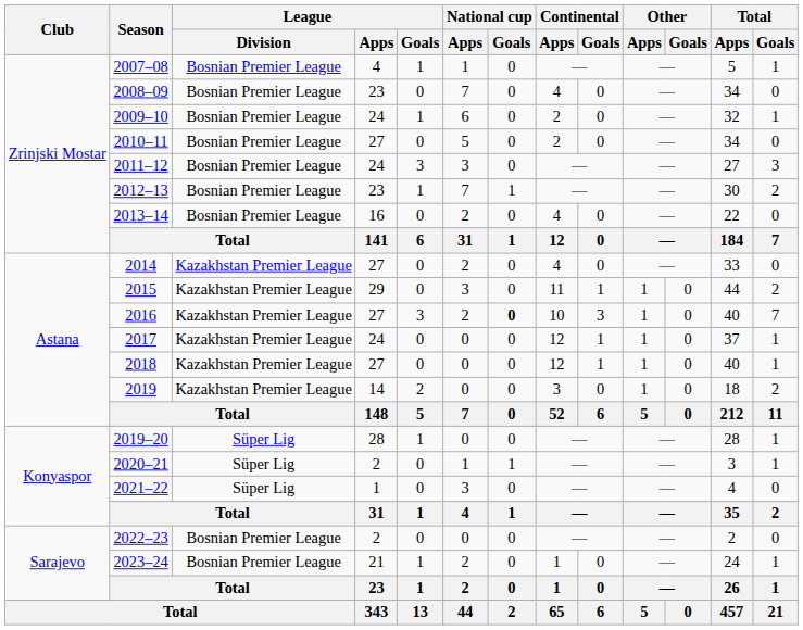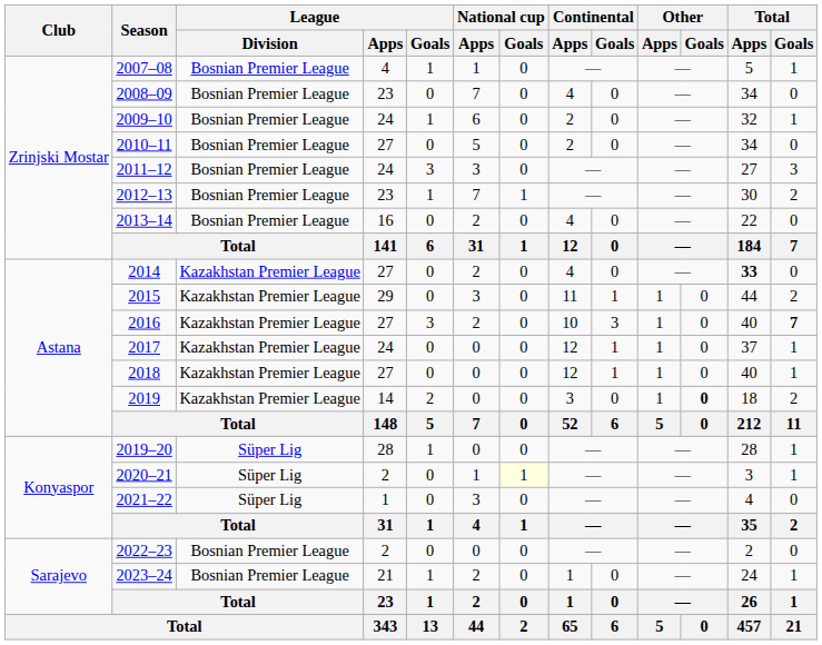 <table class="wikitable" style="text-align:center">
 <tr>
 <th rowspan=2>Club</th>
 <th rowspan=2>Season</th>
 <th colspan=3>League</th>
 <th colspan=2>National cup</th>
 <th colspan=2>Continental</th>
 <th colspan=2>Other</th>
 <th colspan=2>Total</th>
 </tr>
 <tr>
 <th>Division</th>
 <th>Apps</th>
 <th>Goals</th>
 <th>Apps</th>
 <th>Goals</th>
 <th>Apps</th>
 <th>Goals</th>
 <th>Apps</th>
 <th>Goals</th>
 <th>Apps</th>
 <th>Goals</th>
 </tr>
 <tr>
 <td rowspan=8><a href='#'>Zrinjski Mostar</a></td>
 <td><a href='#'>2007–08</a></td>
 <td><a href='#'>Bosnian Premier League</a></td>
 <td>4</td>
 <td>1</td>
 <td>1</td>
 <td>0</td>
 <td colspan=2>—</td>
 <td colspan=2>—</td>
 <td>5</td>
 <td>1</td>
 </tr>
 <tr>
 <td><a href='#'>2008–09</a></td>
 <td>Bosnian Premier League</td>
 <td>23</td>
 <td>0</td>
 <td>7</td>
 <td>0</td>
 <td>4</td>
 <td>0</td>
 <td colspan=2>—</td>
 <td>34</td>
 <td>0</td>
 </tr>
 <tr>
 <td><a href='#'>2009–10</a></td>
 <td>Bosnian Premier League</td>
 <td>24</td>
 <td>1</td>
 <td>6</td>
 <td>0</td>
 <td>2</td>
 <td>0</td>
 <td colspan=2>—</td>
 <td>32</td>
 <td>1</td>
 </tr>
 <tr>
 <td><a href='#'>2010–11</a></td>
 <td>Bosnian Premier League</td>
 <td>27</td>
 <td>0</td>
 <td>5</td>
 <td>0</td>
 <td>2</td>
 <td>0</td>
 <td colspan=2>—</td>
 <td>34</td>
 <td>0</td>
 </tr>
 <tr>
 <td><a href='#'>2011–12</a></td>
 <td>Bosnian Premier League</td>
 <td>24</td>
 <td>3</td>
 <td>3</td>
 <td>0</td>
 <td colspan=2>—</td>
 <td colspan=2>—</td>
 <td>27</td>
 <td>3</td>
 </tr>
 <tr>
 <td><a href='#'>2012–13</a></td>
 <td>Bosnian Premier League</td>
 <td>23</td>
 <td>1</td>
 <td>7</td>
 <td>1</td>
 <td colspan=2>—</td>
 <td colspan=2>—</td>
 <td>30</td>
 <td>2</td>
 </tr>
 <tr>
 <td><a href='#'>2013–14</a></td>
 <td>Bosnian Premier League</td>
 <td>16</td>
 <td>0</td>
 <td>2</td>
 <td>0</td>
 <td>4</td>
 <td>0</td>
 <td colspan=2>—</td>
 <td>22</td>
 <td>0</td>
 </tr>
 <tr>
 <th colspan=2>Total</th>
 <th>141</th>
 <th>6</th>
 <th>31</th>
 <th>1</th>
 <th>12</th>
 <th>0</th>
 <th colspan=2>—</th>
 <th>184</th>
 <th>7</th>
 </tr>
 <tr>
 <td rowspan=7><a href='#'>Astana</a></td>
 <td><a href='#'>2014</a></td>
 <td><a href='#'>Kazakhstan Premier League</a></td>
 <td>27</td>
 <td>0</td>
 <td>2</td>
 <td>0</td>
 <td>4</td>
 <td>0</td>
 <td colspan=2>—</td>
-<td>33</td>
+<td><strong>33</strong></td>
 <td>0</td>
 </tr>
 <tr>
 <td><a href='#'>2015</a></td>
 <td>Kazakhstan Premier League</td>
 <td>29</td>
 <td>0</td>
 <td>3</td>
 <td>0</td>
 <td>11</td>
 <td>1</td>
 <td>1</td>
 <td>0</td>
 <td>44</td>
 <td>2</td>
 </tr>
 <tr>
 <td><a href='#'>2016</a></td>
 <td>Kazakhstan Premier League</td>
 <td>27</td>
 <td>3</td>
 <td>2</td>
-<td><strong>0</strong></td>
+<td>0</td>
 <td>10</td>
 <td>3</td>
 <td>1</td>
 <td>0</td>
 <td>40</td>
-<td>7</td>
+<td><strong>7</strong></td>
 </tr>
 <tr>
 <td><a href='#'>2017</a></td>
 <td>Kazakhstan Premier League</td>
 <td>24</td>
 <td>0</td>
 <td>0</td>
 <td>0</td>
 <td>12</td>
 <td>1</td>
 <td>1</td>
 <td>0</td>
 <td>37</td>
 <td>1</td>
 </tr>
 <tr>
 <td><a href='#'>2018</a></td>
 <td>Kazakhstan Premier League</td>
 <td>27</td>
 <td>0</td>
 <td>0</td>
 <td>0</td>
 <td>12</td>
 <td>1</td>
 <td>1</td>
 <td>0</td>
 <td>40</td>
 <td>1</td>
 </tr>
 <tr>
 <td><a href='#'>2019</a></td>
 <td>Kazakhstan Premier League</td>
 <td>14</td>
 <td>2</td>
 <td>0</td>
 <td>0</td>
 <td>3</td>
 <td>0</td>
 <td>1</td>
-<td>0</td>
+<td><strong>0</strong></td>
 <td>18</td>
 <td>2</td>
 </tr>
 <tr>
 <th colspan=2>Total</th>
 <th>148</th>
 <th>5</th>
 <th>7</th>
 <th>0</th>
 <th>52</th>
 <th>6</th>
 <th>5</th>
 <th>0</th>
 <th>212</th>
 <th>11</th>
 </tr>
 <tr>
 <td rowspan=4><a href='#'>Konyaspor</a></td>
 <td><a href='#'>2019–20</a></td>
 <td><a href='#'>Süper Lig</a></td>
 <td>28</td>
 <td>1</td>
 <td>0</td>
 <td>0</td>
 <td colspan=2>—</td>
 <td colspan=2>—</td>
 <td>28</td>
 <td>1</td>
 </tr>
 <tr>
 <td><a href='#'>2020–21</a></td>
 <td>Süper Lig</td>
 <td>2</td>
 <td>0</td>
 <td>1</td>
-<td>1</td>
+<td style="background: lightyellow;">1</td>
 <td colspan=2>—</td>
 <td colspan=2>—</td>
 <td>3</td>
 <td>1</td>
 </tr>
 <tr>
 <td><a href='#'>2021–22</a></td>
 <td>Süper Lig</td>
 <td>1</td>
 <td>0</td>
 <td>3</td>
 <td>0</td>
 <td colspan=2>—</td>
 <td colspan=2>—</td>
 <td>4</td>
 <td>0</td>
 </tr>
 <tr>
 <th colspan=2>Total</th>
 <th>31</th>
 <th>1</th>
 <th>4</th>
 <th>1</th>
 <th colspan=2>—</th>
 <th colspan=2>—</th>
 <th>35</th>
 <th>2</th>
 </tr>
 <tr>
 <td rowspan=3><a href='#'>Sarajevo</a></td>
 <td><a href='#'>2022–23</a></td>
 <td>Bosnian Premier League</td>
 <td>2</td>
 <td>0</td>
 <td>0</td>
 <td>0</td>
 <td colspan=2>—</td>
 <td colspan=2>—</td>
 <td>2</td>
 <td>0</td>
 </tr>
 <tr>
 <td><a href='#'>2023–24</a></td>
 <td>Bosnian Premier League</td>
 <td>21</td>
 <td>1</td>
 <td>2</td>
 <td>0</td>
 <td>1</td>
 <td>0</td>
 <td colspan=2>—</td>
 <td>24</td>
 <td>1</td>
 </tr>
 <tr>
 <th colspan=2>Total</th>
 <th>23</th>
 <th>1</th>
 <th>2</th>
 <th>0</th>
 <th>1</th>
 <th>0</th>
 <th colspan=2>—</th>
 <th>26</th>
 <th>1</th>
 </tr>
 <tr>
 <th colspan=3>Total</th>
 <th>343</th>
 <th>13</th>
 <th>44</th>
 <th>2</th>
 <th>65</th>
 <th>6</th>
 <th>5</th>
 <th>0</th>
 <th>457</th>
 <th>21</th>
 </tr>
 </table>
